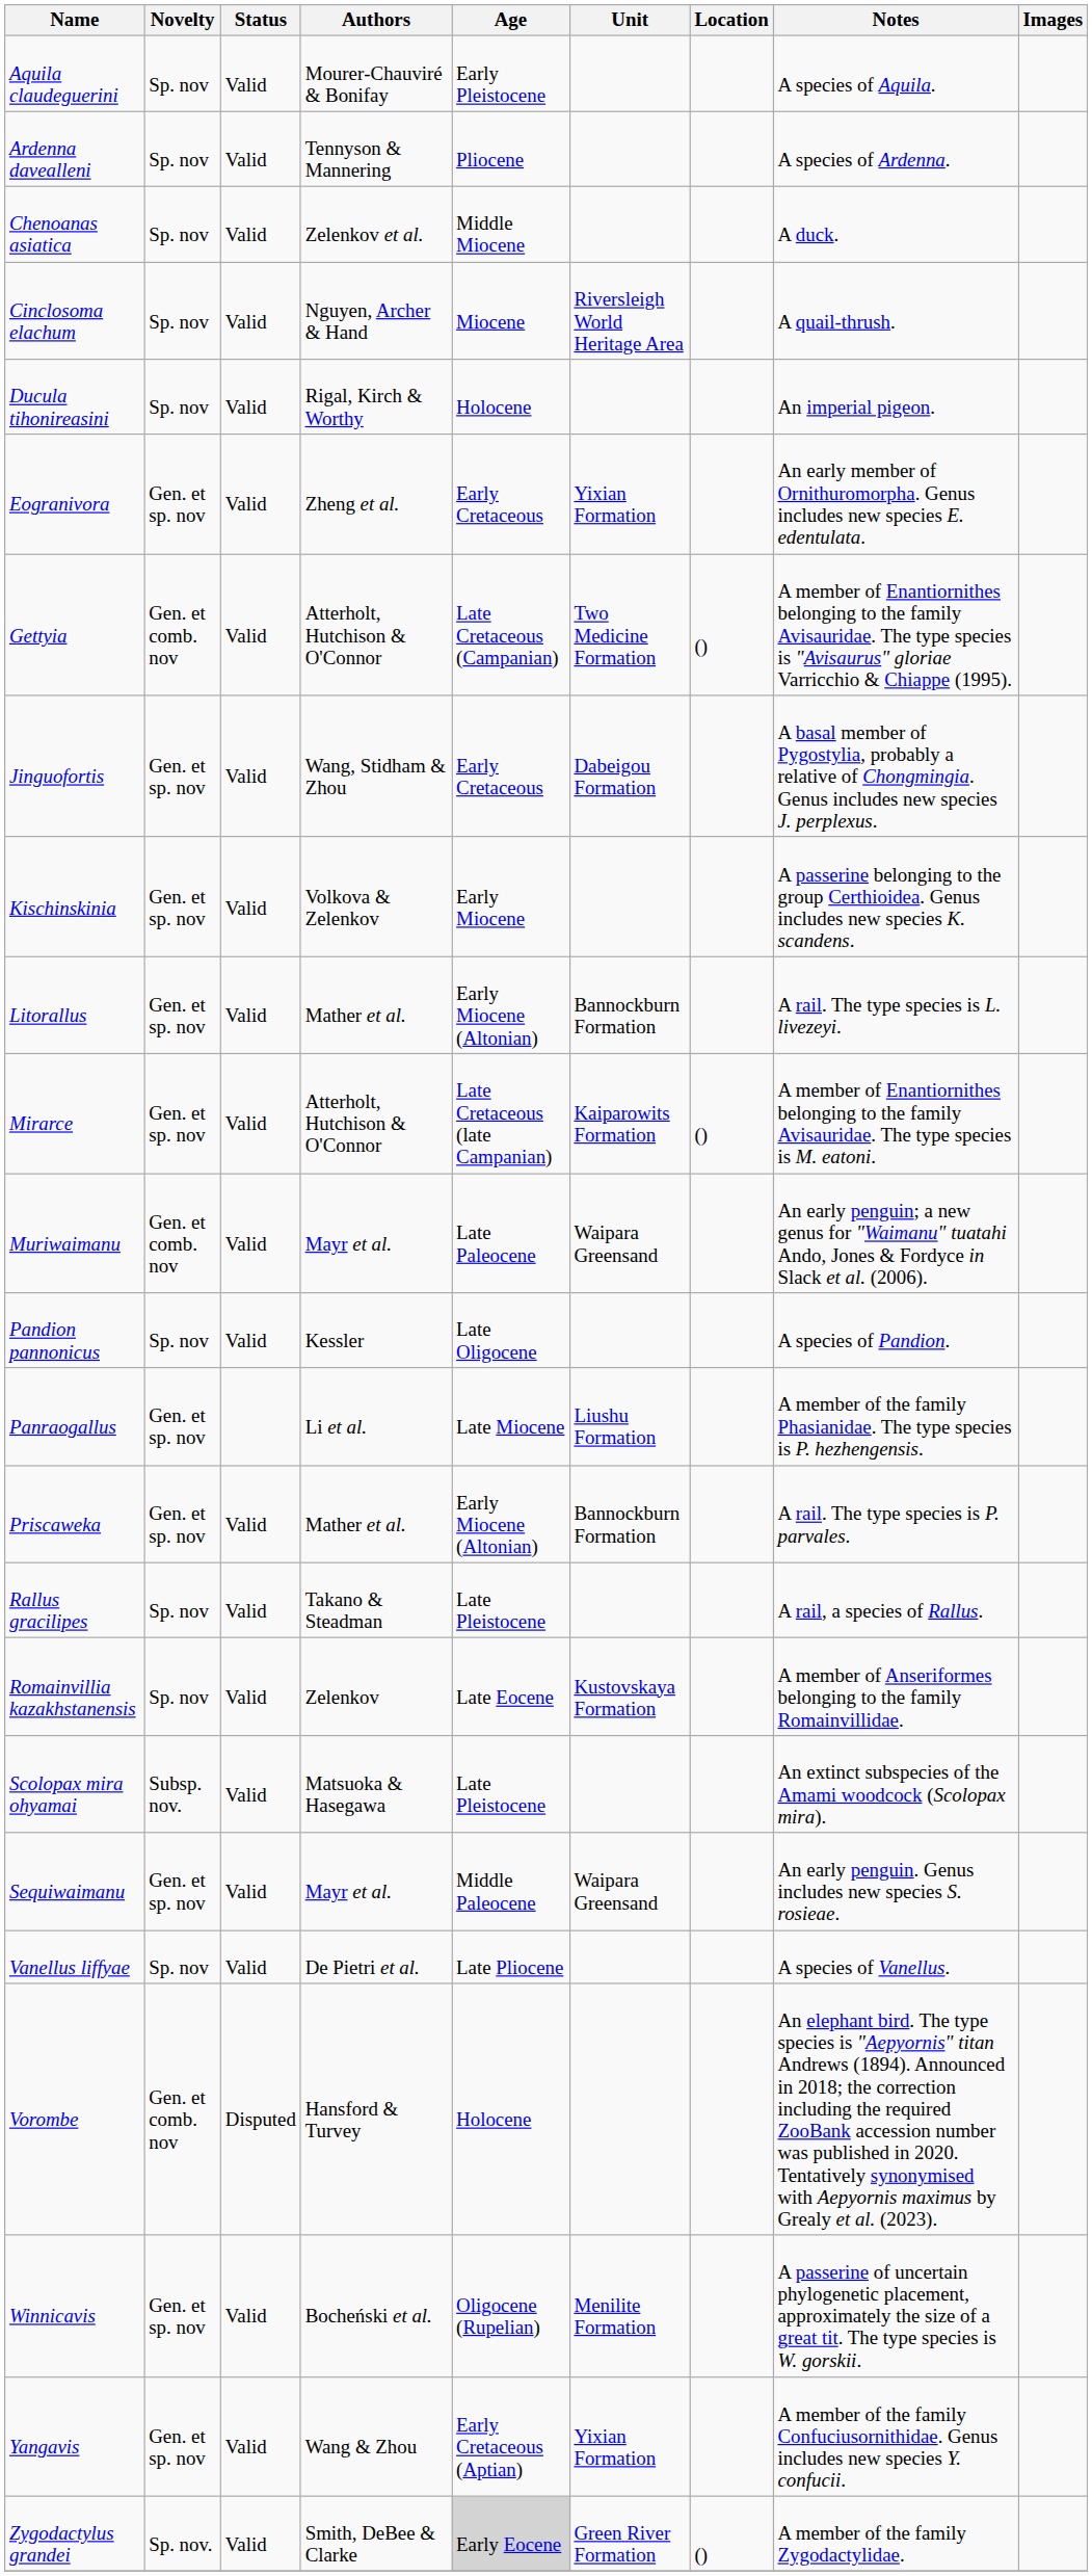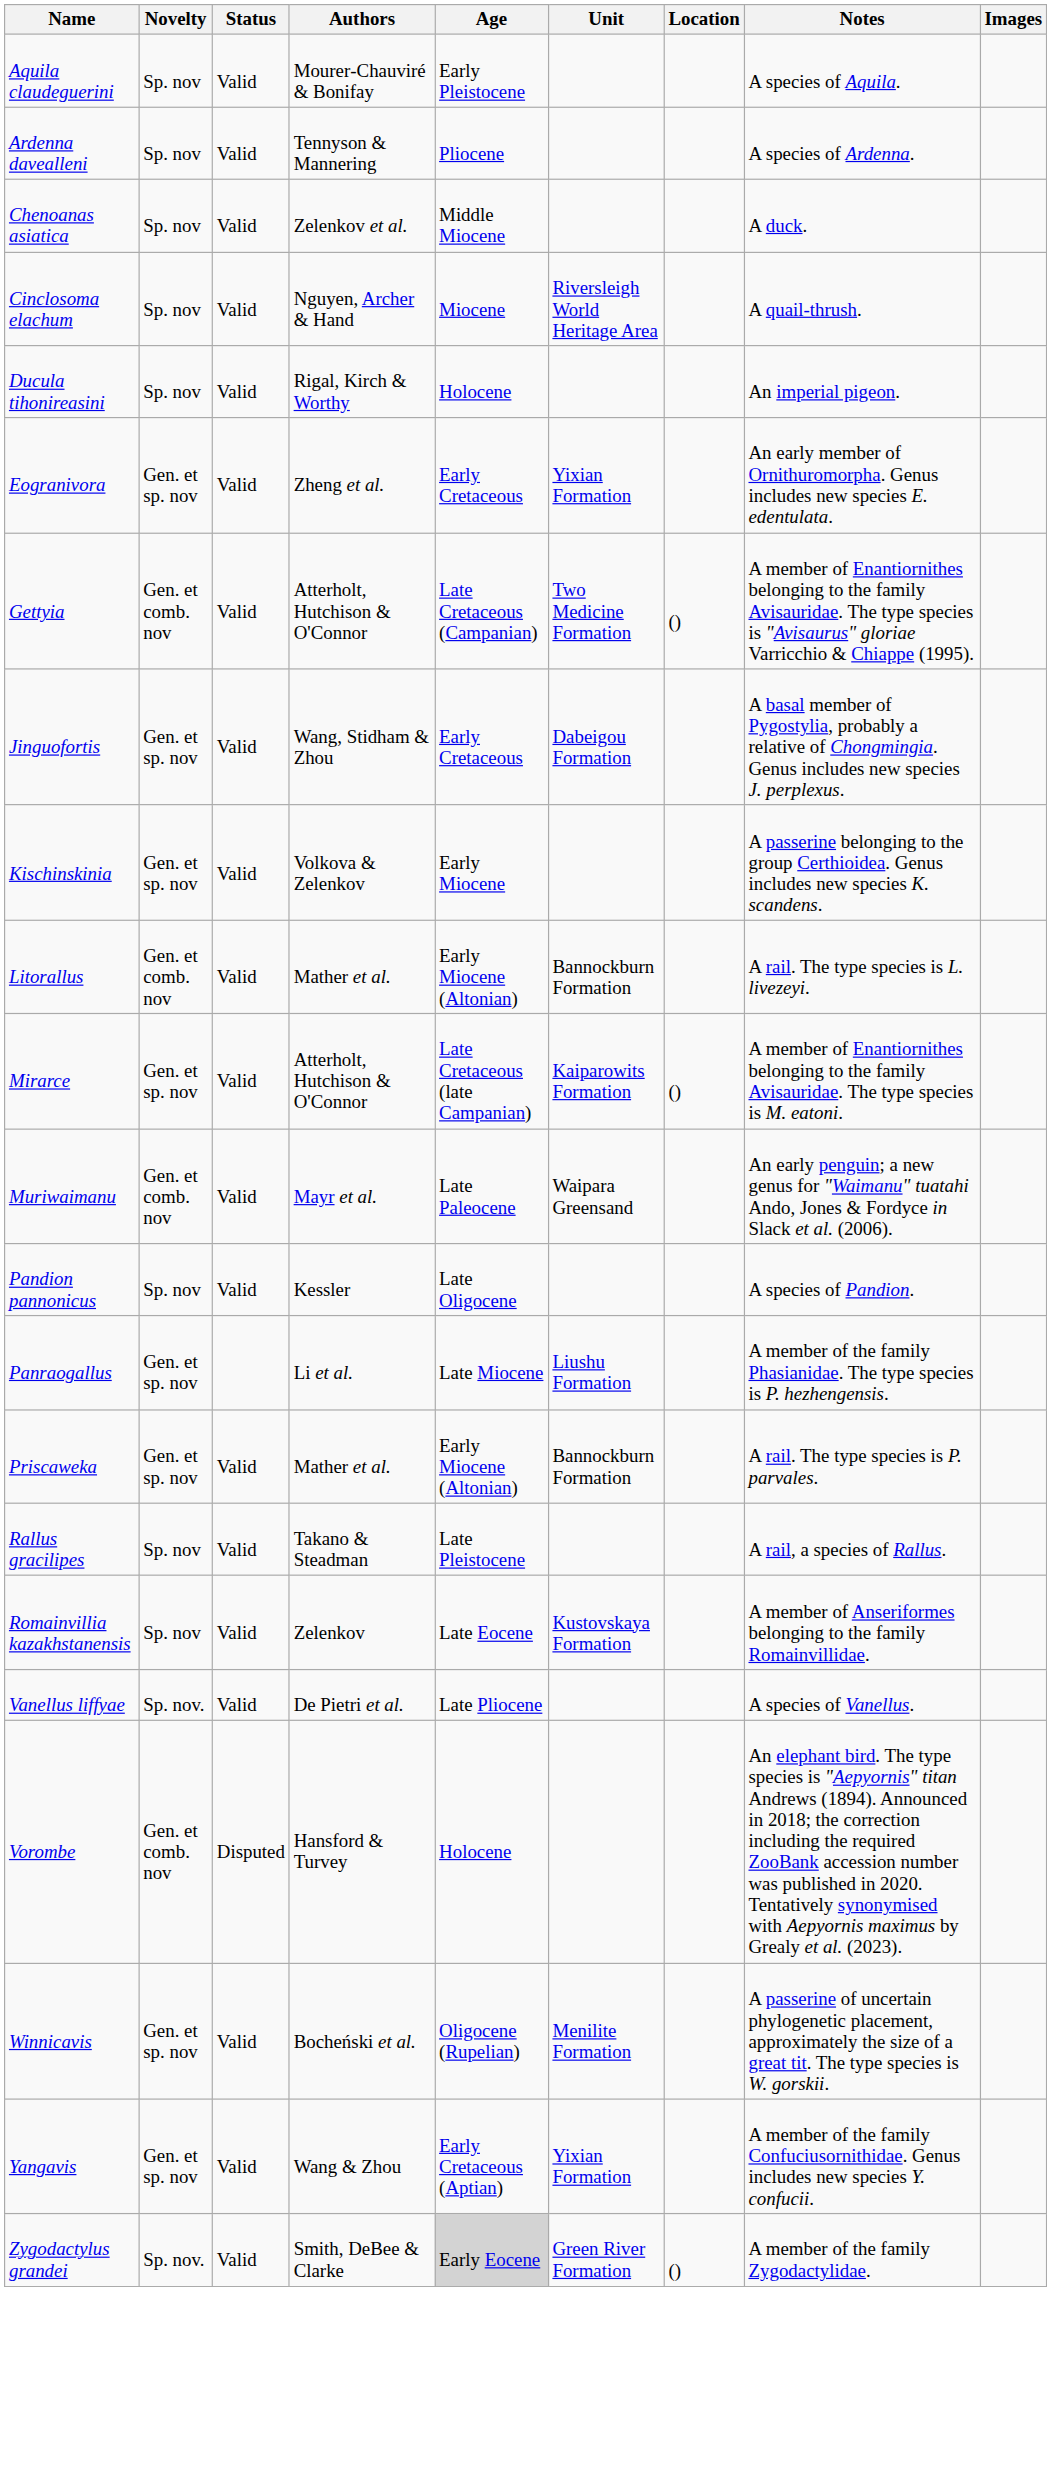 <table class="wikitable sortable" align="center" width="100%">
 <tr>
 <th>Name</th>
 <th>Novelty</th>
 <th>Status</th>
 <th>Authors</th>
 <th>Age</th>
 <th>Unit</th>
 <th>Location</th>
 <th>Notes</th>
 <th>Images</th>
 </tr>
 <tr>
 <td><br><em><a href='#'>Aquila claudeguerini</a></em></td>
 <td><br>Sp. nov</td>
 <td><br>Valid</td>
 <td><br>Mourer‑Chauviré & Bonifay</td>
 <td><br>Early <a href='#'>Pleistocene</a></td>
 <td></td>
 <td><br></td>
 <td><br>A species of <em><a href='#'>Aquila</a></em>.</td>
 <td></td>
 </tr>
 <tr>
 <td><br><em><a href='#'>Ardenna davealleni</a></em></td>
 <td><br>Sp. nov</td>
 <td><br>Valid</td>
 <td><br>Tennyson & Mannering</td>
 <td><br><a href='#'>Pliocene</a></td>
 <td></td>
 <td><br></td>
 <td><br>A species of <em><a href='#'>Ardenna</a></em>.</td>
 <td></td>
 </tr>
 <tr>
 <td><br><em><a href='#'>Chenoanas asiatica</a></em></td>
 <td><br>Sp. nov</td>
 <td><br>Valid</td>
 <td><br>Zelenkov <em>et al.</em></td>
 <td><br>Middle <a href='#'>Miocene</a></td>
 <td></td>
 <td><br><br> </td>
 <td><br>A <a href='#'>duck</a>.</td>
 <td></td>
 </tr>
 <tr>
 <td><br><em><a href='#'>Cinclosoma elachum</a></em></td>
 <td><br>Sp. nov</td>
 <td><br>Valid</td>
 <td><br>Nguyen, <a href='#'>Archer</a> & Hand</td>
 <td><br><a href='#'>Miocene</a></td>
 <td><br><a href='#'>Riversleigh World Heritage Area</a></td>
 <td><br></td>
 <td><br>A <a href='#'>quail-thrush</a>.</td>
 <td></td>
 </tr>
 <tr>
 <td><br><em><a href='#'>Ducula tihonireasini</a></em></td>
 <td><br>Sp. nov</td>
 <td><br>Valid</td>
 <td><br>Rigal, Kirch & <a href='#'>Worthy</a></td>
 <td><br><a href='#'>Holocene</a></td>
 <td></td>
 <td><br></td>
 <td><br>An <a href='#'>imperial pigeon</a>.</td>
 <td></td>
 </tr>
 <tr>
 <td><br><em><a href='#'>Eogranivora</a></em></td>
 <td><br>Gen. et sp. nov</td>
 <td><br>Valid</td>
 <td><br>Zheng <em>et al.</em></td>
 <td><br><a href='#'>Early Cretaceous</a></td>
 <td><br><a href='#'>Yixian Formation</a></td>
 <td><br></td>
 <td><br>An early member of <a href='#'>Ornithuromorpha</a>. Genus includes new species <em>E. edentulata</em>.</td>
 <td></td>
 </tr>
 <tr>
 <td><br><em><a href='#'>Gettyia</a></em></td>
 <td><br>Gen. et comb. nov</td>
 <td><br>Valid</td>
 <td><br>Atterholt, Hutchison & O'Connor</td>
 <td><br><a href='#'>Late Cretaceous</a> (<a href='#'>Campanian</a>)</td>
 <td><br><a href='#'>Two Medicine Formation</a></td>
 <td><br><br>()</td>
 <td><br>A member of <a href='#'>Enantiornithes</a> belonging to the family <a href='#'>Avisauridae</a>. The type species is <em>"<a href='#'>Avisaurus</a>" gloriae</em> Varricchio & <a href='#'>Chiappe</a> (1995).</td>
 <td></td>
 </tr>
 <tr>
 <td><br><em><a href='#'>Jinguofortis</a></em></td>
 <td><br>Gen. et sp. nov</td>
 <td><br>Valid</td>
 <td><br>Wang, Stidham & Zhou</td>
 <td><br><a href='#'>Early Cretaceous</a></td>
 <td><br><a href='#'>Dabeigou Formation</a></td>
 <td><br></td>
 <td><br>A <a href='#'>basal</a> member of <a href='#'>Pygostylia</a>, probably a relative of <em><a href='#'>Chongmingia</a></em>. Genus includes new species <em>J. perplexus</em>.</td>
 <td></td>
 </tr>
 <tr>
 <td><br><em><a href='#'>Kischinskinia</a></em></td>
 <td><br>Gen. et sp. nov</td>
 <td><br>Valid</td>
 <td><br>Volkova & Zelenkov</td>
 <td><br>Early <a href='#'>Miocene</a></td>
 <td></td>
 <td><br></td>
 <td><br>A <a href='#'>passerine</a> belonging to the group <a href='#'>Certhioidea</a>. Genus includes new species <em>K. scandens</em>.</td>
 <td></td>
 </tr>
 <tr>
 <td><br><em><a href='#'>Litorallus</a></em></td>
-<td><br>Gen. et sp. nov</td>
+<td><br>Gen. et comb. nov</td>
 <td><br>Valid</td>
 <td><br>Mather <em>et al.</em></td>
 <td><br>Early <a href='#'>Miocene</a> (<a href='#'>Altonian</a>)</td>
 <td><br>Bannockburn Formation</td>
 <td><br></td>
 <td><br>A <a href='#'>rail</a>. The type species is <em>L. livezeyi</em>.</td>
 <td></td>
 </tr>
 <tr>
 <td><br><em><a href='#'>Mirarce</a></em></td>
 <td><br>Gen. et sp. nov</td>
 <td><br>Valid</td>
 <td><br>Atterholt, Hutchison & O'Connor</td>
 <td><br><a href='#'>Late Cretaceous</a> (late <a href='#'>Campanian</a>)</td>
 <td><br><a href='#'>Kaiparowits Formation</a></td>
 <td><br><br>()</td>
 <td><br>A member of <a href='#'>Enantiornithes</a> belonging to the family <a href='#'>Avisauridae</a>. The type species is <em>M. eatoni</em>.</td>
 <td></td>
 </tr>
 <tr>
 <td><br><em><a href='#'>Muriwaimanu</a></em></td>
 <td><br>Gen. et comb. nov</td>
 <td><br>Valid</td>
 <td><br><a href='#'>Mayr</a> <em>et al.</em></td>
 <td><br>Late <a href='#'>Paleocene</a></td>
 <td><br>Waipara Greensand</td>
 <td><br></td>
 <td><br>An early <a href='#'>penguin</a>; a new genus for <em>"<a href='#'>Waimanu</a>" tuatahi</em> Ando, Jones & Fordyce <em>in</em> Slack <em>et al.</em> (2006).</td>
 <td></td>
 </tr>
 <tr>
 <td><br><em><a href='#'>Pandion pannonicus</a></em></td>
 <td><br>Sp. nov</td>
 <td><br>Valid</td>
 <td><br>Kessler</td>
 <td><br>Late <a href='#'>Oligocene</a></td>
 <td></td>
 <td><br></td>
 <td><br>A species of <em><a href='#'>Pandion</a></em>.</td>
 <td></td>
 </tr>
 <tr>
 <td><br><em><a href='#'>Panraogallus</a></em></td>
 <td><br>Gen. et sp. nov</td>
 <td></td>
 <td><br>Li <em>et al.</em></td>
 <td><br>Late <a href='#'>Miocene</a></td>
 <td><br><a href='#'>Liushu Formation</a></td>
 <td><br></td>
 <td><br>A member of the family <a href='#'>Phasianidae</a>. The type species is <em>P. hezhengensis</em>.</td>
 <td></td>
 </tr>
 <tr>
 <td><br><em><a href='#'>Priscaweka</a></em></td>
 <td><br>Gen. et sp. nov</td>
 <td><br>Valid</td>
 <td><br>Mather <em>et al.</em></td>
 <td><br>Early <a href='#'>Miocene</a> (<a href='#'>Altonian</a>)</td>
 <td><br>Bannockburn Formation</td>
 <td><br></td>
 <td><br>A <a href='#'>rail</a>. The type species is <em>P. parvales</em>.</td>
 <td></td>
 </tr>
 <tr>
 <td><br><em><a href='#'>Rallus gracilipes</a></em></td>
 <td><br>Sp. nov</td>
 <td><br>Valid</td>
 <td><br>Takano & Steadman</td>
 <td><br>Late <a href='#'>Pleistocene</a></td>
 <td></td>
 <td><br></td>
 <td><br>A <a href='#'>rail</a>, a species of <em><a href='#'>Rallus</a></em>.</td>
 <td></td>
 </tr>
 <tr>
 <td><br><em><a href='#'>Romainvillia kazakhstanensis</a></em></td>
 <td><br>Sp. nov</td>
 <td><br>Valid</td>
 <td><br>Zelenkov</td>
 <td><br>Late <a href='#'>Eocene</a></td>
 <td><br><a href='#'>Kustovskaya Formation</a></td>
 <td><br></td>
 <td><br>A member of <a href='#'>Anseriformes</a> belonging to the family <a href='#'>Romainvillidae</a>.</td>
 <td></td>
 </tr>
 <tr>
-<td><br><em><a href='#'>Scolopax mira ohyamai</a></em></td>
-<td><br>Subsp. nov.</td>
-<td><br>Valid</td>
-<td><br>Matsuoka & Hasegawa</td>
-<td><br>Late <a href='#'>Pleistocene</a></td>
-<td></td>
-<td><br></td>
-<td><br>An extinct subspecies of the <a href='#'>Amami woodcock</a> (<em>Scolopax mira</em>).</td>
-<td></td>
-</tr>
-<tr>
-<td><br><em><a href='#'>Sequiwaimanu</a></em></td>
-<td><br>Gen. et sp. nov</td>
-<td><br>Valid</td>
-<td><br><a href='#'>Mayr</a> <em>et al.</em></td>
-<td><br>Middle <a href='#'>Paleocene</a></td>
-<td><br>Waipara Greensand</td>
-<td><br></td>
-<td><br>An early <a href='#'>penguin</a>. Genus includes new species <em>S. rosieae</em>.</td>
-<td></td>
-</tr>
-<tr>
 <td><br><em><a href='#'>Vanellus liffyae</a></em></td>
-<td><br>Sp. nov</td>
+<td><br>Sp. nov.</td>
 <td><br>Valid</td>
 <td><br>De Pietri <em>et al.</em></td>
 <td><br>Late <a href='#'>Pliocene</a></td>
 <td></td>
 <td><br></td>
 <td><br>A species of <em><a href='#'>Vanellus</a></em>.</td>
 <td></td>
 </tr>
 <tr>
 <td><br><em><a href='#'>Vorombe</a></em></td>
 <td><br>Gen. et comb. nov</td>
 <td><br>Disputed</td>
 <td><br>Hansford & Turvey</td>
 <td><br><a href='#'>Holocene</a></td>
 <td></td>
 <td><br></td>
 <td><br>An <a href='#'>elephant bird</a>. The type species is <em>"<a href='#'>Aepyornis</a>" titan</em> Andrews (1894). Announced in 2018; the correction including the required <a href='#'>ZooBank</a> accession number was published in 2020. Tentatively <a href='#'>synonymised</a> with <em>Aepyornis maximus</em> by Grealy <em>et al.</em> (2023).</td>
 <td></td>
 </tr>
 <tr>
 <td><br><em><a href='#'>Winnicavis</a></em></td>
 <td><br>Gen. et sp. nov</td>
 <td><br>Valid</td>
 <td><br>Bocheński <em>et al.</em></td>
 <td><br><a href='#'>Oligocene</a> (<a href='#'>Rupelian</a>)</td>
 <td><br><a href='#'>Menilite Formation</a></td>
 <td><br></td>
 <td><br>A <a href='#'>passerine</a> of uncertain phylogenetic placement, approximately the size of a <a href='#'>great tit</a>. The type species is <em>W. gorskii</em>.</td>
 <td></td>
 </tr>
 <tr>
 <td><br><em><a href='#'>Yangavis</a></em></td>
 <td><br>Gen. et sp. nov</td>
 <td><br>Valid</td>
 <td><br>Wang & Zhou</td>
 <td><br><a href='#'>Early Cretaceous</a> (<a href='#'>Aptian</a>)</td>
 <td><br><a href='#'>Yixian Formation</a></td>
 <td><br></td>
 <td><br>A member of the family <a href='#'>Confuciusornithidae</a>. Genus includes new species <em>Y. confucii</em>.</td>
 <td></td>
 </tr>
 <tr>
 <td><br><em><a href='#'>Zygodactylus grandei</a></em></td>
 <td><br>Sp. nov.</td>
 <td><br>Valid</td>
 <td><br>Smith, DeBee & Clarke</td>
 <td style="background: lightgrey;"><br>Early <a href='#'>Eocene</a></td>
 <td><br><a href='#'>Green River Formation</a></td>
 <td><br><br>()</td>
 <td><br>A member of the family <a href='#'>Zygodactylidae</a>.</td>
 <td></td>
 </tr>
 <tr>
 </tr>
 </table>
